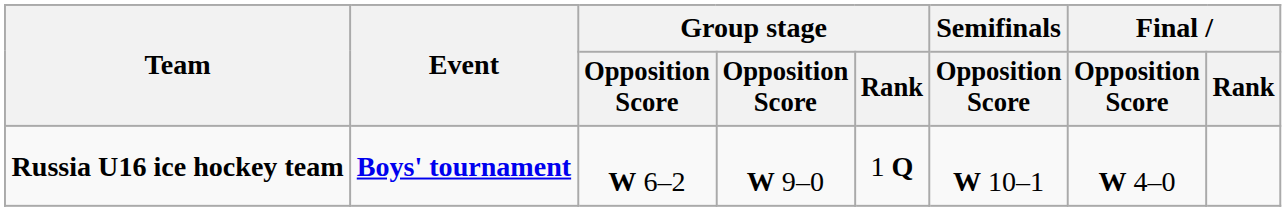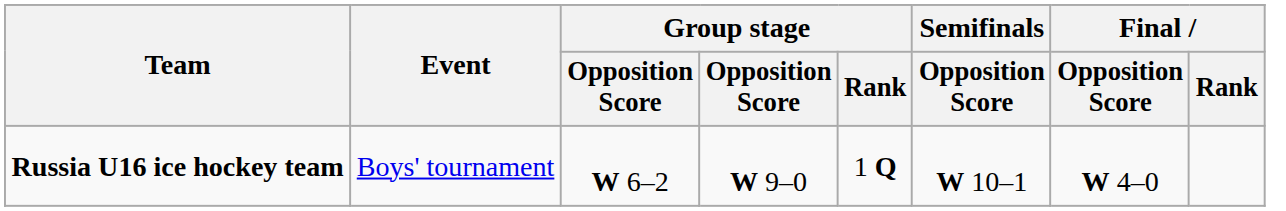 <table class="wikitable" style="font-size:90%; text-align:center;">
 <tr>
 <th rowspan=2>Team</th>
 <th rowspan=2>Event</th>
 <th colspan=3>Group stage</th>
 <th>Semifinals</th>
 <th colspan=2>Final / </th>
 </tr>
 <tr style="font-size:95%">
 <th>Opposition<br>Score</th>
 <th>Opposition<br>Score</th>
 <th>Rank</th>
 <th>Opposition<br>Score</th>
 <th>Opposition<br>Score</th>
 <th>Rank</th>
 </tr>
 <tr>
 <td align=left><strong>Russia U16 ice hockey team</strong></td>
-<td align=left><strong><a href='#'>Boys' tournament</a></strong></td>
+<td align=left><a href='#'>Boys' tournament</a></td>
 <td><br><strong>W</strong> 6–2</td>
 <td><br><strong>W</strong> 9–0</td>
 <td>1 <strong>Q</strong></td>
 <td><br><strong>W</strong> 10–1</td>
 <td><br><strong>W</strong> 4–0</td>
 <td></td>
 </tr>
 </table>
